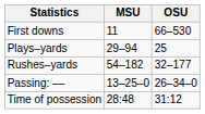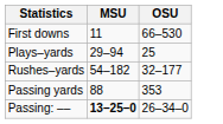 <table class="wikitable" style="float:left">
 <tr>
 <th>Statistics</th>
 <th>MSU</th>
 <th>OSU</th>
 </tr>
 <tr>
 <td>First downs</td>
 <td>11</td>
 <td>66–530</td>
 </tr>
 <tr>
 <td>Plays–yards</td>
 <td>29–94</td>
 <td>25</td>
 </tr>
 <tr>
 <td>Rushes–yards</td>
 <td>54–182</td>
 <td>32–177</td>
 </tr>
 <tr>
+<td>Passing yards</td>
+<td>88</td>
+<td>353</td>
+</tr>
+<tr>
 <td>Passing: ––</td>
-<td>13–25–0</td>
+<td><strong>13–25–0</strong></td>
 <td>26–34–0</td>
 </tr>
-<tr>
-<td>Time of possession</td>
-<td>28:48</td>
-<td>31:12</td>
-</tr>
 </table>
